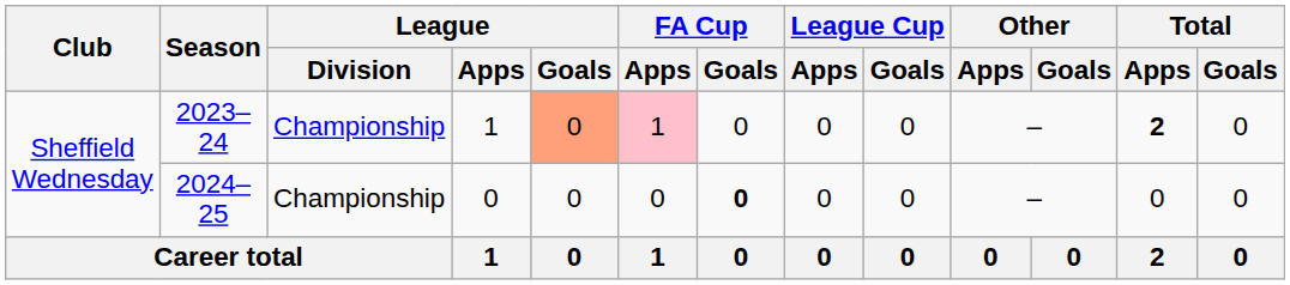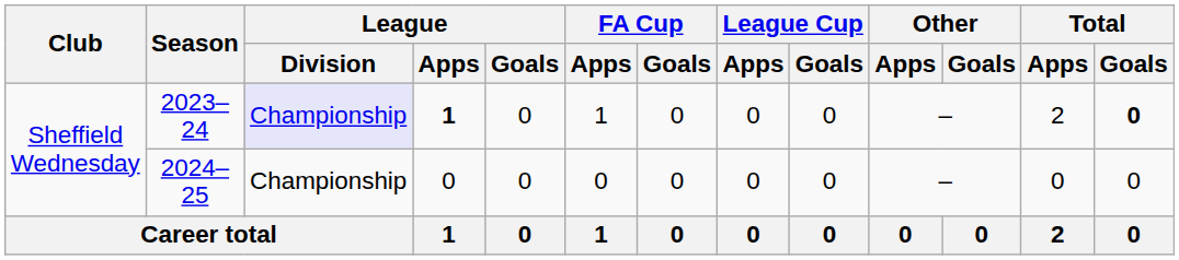 <table class=wikitable style="text-align:center">
 <tr>
 <th rowspan=2>Club</th>
 <th rowspan=2>Season</th>
 <th colspan=3>League</th>
 <th colspan=2><a href='#'>FA Cup</a></th>
 <th colspan=2><a href='#'>League Cup</a></th>
 <th colspan=2>Other</th>
 <th colspan=2>Total</th>
 </tr>
 <tr>
 <th>Division</th>
 <th>Apps</th>
 <th>Goals</th>
 <th>Apps</th>
 <th>Goals</th>
 <th>Apps</th>
 <th>Goals</th>
 <th>Apps</th>
 <th>Goals</th>
 <th>Apps</th>
 <th>Goals</th>
 </tr>
 <tr>
 <td rowspan="2"><a href='#'>Sheffield Wednesday</a></td>
 <td><a href='#'>2023–24</a></td>
-<td><a href='#'>Championship</a></td>
+<td style="background: lavender;"><a href='#'>Championship</a></td>
+<td><strong>1</strong></td>
+<td>0</td>
 <td>1</td>
-<td style="background: lightsalmon;">0</td>
-<td style="background: pink;">1</td>
 <td>0</td>
 <td>0</td>
 <td>0</td>
 <td colspan="2">–</td>
-<td><strong>2</strong></td>
-<td>0</td>
+<td>2</td>
+<td><strong>0</strong></td>
 </tr>
 <tr>
 <td><a href='#'>2024–25</a></td>
 <td>Championship</td>
 <td>0</td>
 <td>0</td>
 <td>0</td>
-<td><strong>0</strong></td>
+<td>0</td>
 <td>0</td>
 <td>0</td>
 <td colspan="2">–</td>
 <td>0</td>
 <td>0</td>
 </tr>
 <tr>
 <th colspan=3>Career total</th>
 <th>1</th>
 <th>0</th>
 <th>1</th>
 <th>0</th>
 <th>0</th>
 <th>0</th>
 <th>0</th>
 <th>0</th>
 <th>2</th>
 <th>0</th>
 </tr>
 </table>
